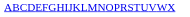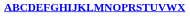 <table id="toc" class="toc" summary="Class">
 <tr>
 <th></th>
 </tr>
 <tr>
-<td style="text-align:center;"><a href='#'>A</a><a href='#'>B</a><a href='#'>C</a><a href='#'>D</a><a href='#'>E</a><a href='#'>F</a><a href='#'>G</a><a href='#'>H</a><a href='#'>I</a><a href='#'>J</a><a href='#'>K</a><a href='#'>L</a><a href='#'>M</a><a href='#'>N</a><a href='#'>O</a><a href='#'>P</a><a href='#'>R</a><a href='#'>S</a><a href='#'>T</a><a href='#'>U</a><a href='#'>V</a><a href='#'>W</a><a href='#'>X</a></td>
+<td style="text-align:center;"><strong><a href='#'>A</a><a href='#'>B</a><a href='#'>C</a><a href='#'>D</a><a href='#'>E</a><a href='#'>F</a><a href='#'>G</a><a href='#'>H</a><a href='#'>I</a><a href='#'>J</a><a href='#'>K</a><a href='#'>L</a><a href='#'>M</a><a href='#'>N</a><a href='#'>O</a><a href='#'>P</a><a href='#'>R</a><a href='#'>S</a><a href='#'>T</a><a href='#'>U</a><a href='#'>V</a><a href='#'>W</a><a href='#'>X</a></strong></td>
 </tr>
 </table>
